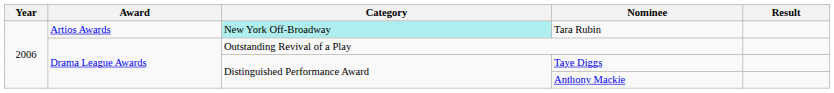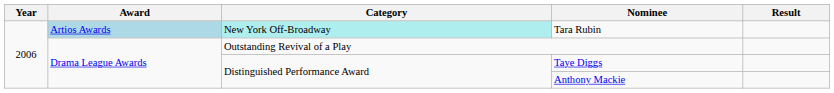 <table class="wikitable sortable" style="width: 99%;">
 <tr>
 <th scope="col" style="width:5%;">Year</th>
 <th scope="col" style="width:20%;">Award</th>
 <th scope="col" style="width:38%;">Category</th>
 <th scope="col" style="width:22%;">Nominee</th>
 <th scope="col" style="width:10%;">Result</th>
 </tr>
 <tr>
 <td rowspan="4" align="center">2006</td>
-<td><a href='#'>Artios Awards</a></td>
+<td style="background: lightblue;"><a href='#'>Artios Awards</a></td>
 <td style="background: paleturquoise;">New York Off-Broadway</td>
 <td>Tara Rubin</td>
 <td></td>
 </tr>
 <tr>
 <td rowspan="3"><a href='#'>Drama League Awards</a></td>
 <td colspan="2">Outstanding Revival of a Play</td>
 <td></td>
 </tr>
 <tr>
 <td rowspan="2">Distinguished Performance Award</td>
 <td><a href='#'>Taye Diggs</a></td>
 <td></td>
 </tr>
 <tr>
 <td><a href='#'>Anthony Mackie</a></td>
 <td></td>
 </tr>
 </table>
